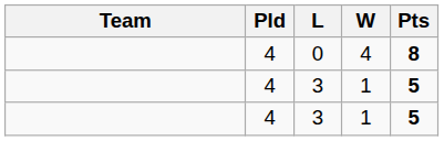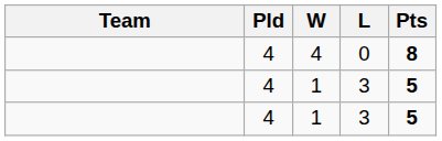 <table class=wikitable style="text-align:center">
 <tr>
 <th width=180>Team</th>
 <th width=30>Pld</th>
+<th width=30>W</th>
 <th width=30>L</th>
-<th width=30>W</th>
 <th width=30>Pts</th>
 </tr>
 <tr>
 <td align="left"></td>
 <td>4</td>
+<td>4</td>
 <td>0</td>
-<td>4</td>
 <td><strong>8</strong></td>
 </tr>
 <tr>
 <td align="left"></td>
 <td>4</td>
+<td>1</td>
 <td>3</td>
-<td>1</td>
 <td><strong>5</strong></td>
 </tr>
 <tr>
 <td align="left"></td>
 <td>4</td>
+<td>1</td>
 <td>3</td>
-<td>1</td>
 <td><strong>5</strong></td>
 </tr>
 </table>
